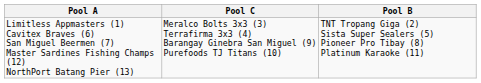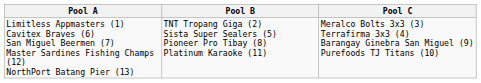 <table class=wikitable width=750>
 <tr>
 <th width=33%>Pool A</th>
+<th width=33%>Pool B</th>
 <th width=33%>Pool C</th>
-<th width=33%>Pool B</th>
 </tr>
 <tr valign=top>
 <td>Limitless Appmasters (1) <br> Cavitex Braves (6) <br> San Miguel Beermen (7) <br> Master Sardines Fishing Champs (12) <br> NorthPort Batang Pier (13)</td>
+<td>TNT Tropang Giga (2) <br> Sista Super Sealers (5) <br> Pioneer Pro Tibay (8) <br> Platinum Karaoke (11)</td>
 <td>Meralco Bolts 3x3 (3) <br> Terrafirma 3x3 (4) <br> Barangay Ginebra San Miguel (9) <br> Purefoods TJ Titans (10)</td>
-<td>TNT Tropang Giga (2) <br> Sista Super Sealers (5) <br> Pioneer Pro Tibay (8) <br> Platinum Karaoke (11)</td>
 </tr>
 </table>
